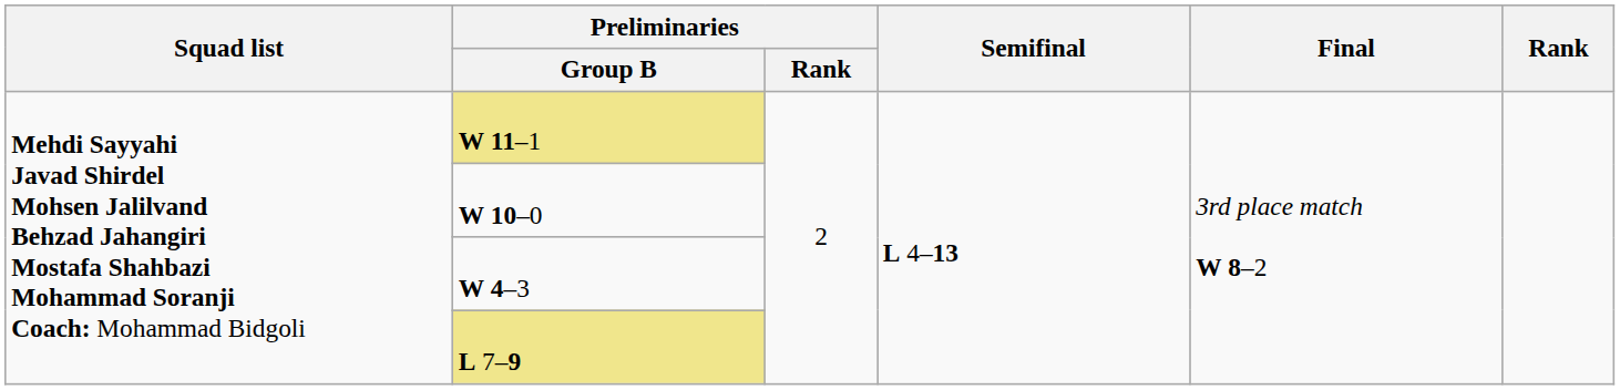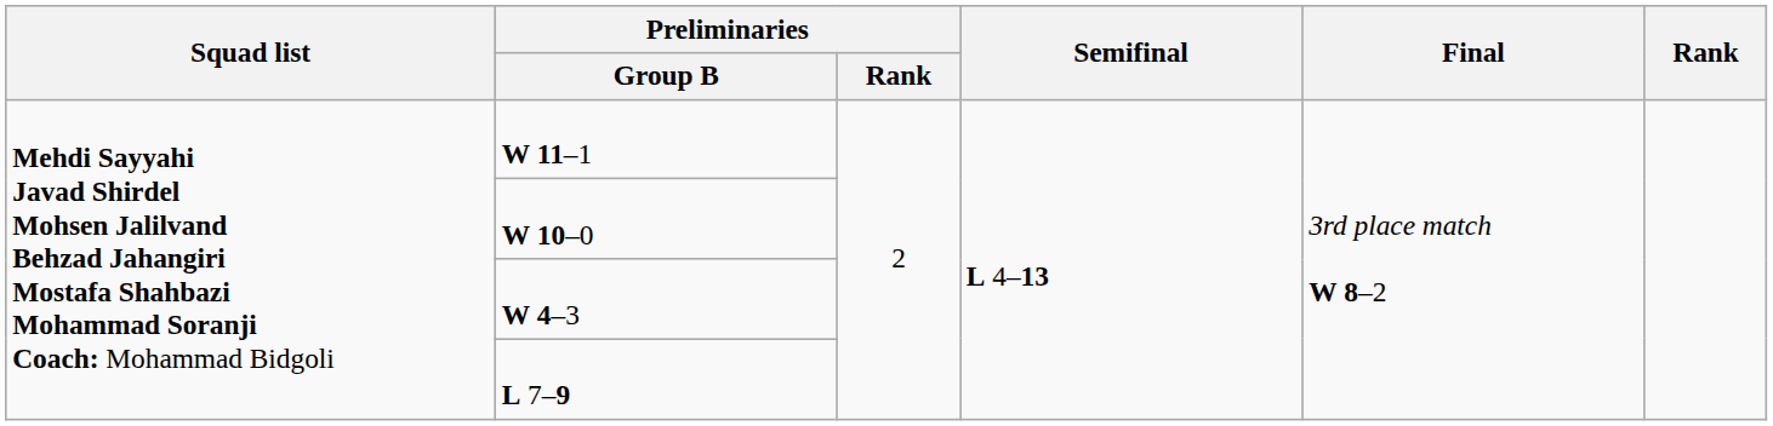 <table class="wikitable" width="71%" style="text-align:left; font-size:90%">
 <tr>
 <th rowspan="2" width="20%">Squad list</th>
 <th colspan="2">Preliminaries</th>
 <th rowspan="2" width="14%">Semifinal</th>
 <th rowspan="2" width="14%">Final</th>
 <th rowspan="2" width="5%">Rank</th>
 </tr>
 <tr>
 <th width="14%">Group B</th>
 <th width="5%">Rank</th>
 </tr>
 <tr>
 <td rowspan="4"><strong>Mehdi Sayyahi<br>Javad Shirdel<br>Mohsen Jalilvand<br>Behzad Jahangiri<br>Mostafa Shahbazi<br>Mohammad Soranji<br>Coach:</strong> Mohammad Bidgoli</td>
-<td style="background: khaki;"><br><strong>W</strong> <strong>11</strong>–1</td>
+<td><br><strong>W</strong> <strong>11</strong>–1</td>
 <td rowspan="4" align=center>2 <strong></strong></td>
 <td rowspan="4"><br><strong>L</strong> 4–<strong>13</strong></td>
 <td rowspan="4"><em>3rd place match</em><br><br><strong>W</strong> <strong>8</strong>–2</td>
 <td rowspan="4" align="center"></td>
 </tr>
 <tr>
 <td><br><strong>W</strong> <strong>10</strong>–0</td>
 </tr>
 <tr>
 <td><br><strong>W</strong> <strong>4</strong>–3</td>
 </tr>
 <tr>
-<td style="background: khaki;"><br><strong>L</strong> 7–<strong>9</strong></td>
+<td><br><strong>L</strong> 7–<strong>9</strong></td>
 </tr>
 </table>
